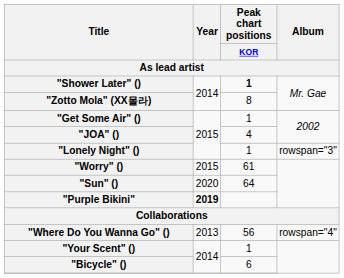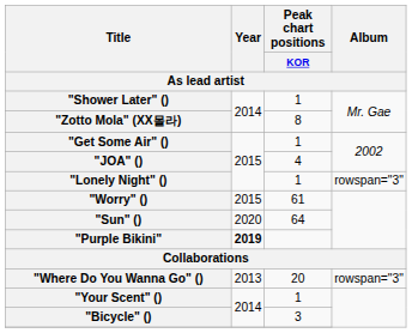 <table class="wikitable plainrowheaders" style="text-align:center;">
 <tr>
 <th scope="col" rowspan="2" style="width:18em;">Title</th>
 <th scope="col" rowspan="2">Year</th>
 <th scope="col" colspan="1" style="width:5em;">Peak chart positions</th>
 <th scope="col" rowspan="2">Album</th>
 </tr>
 <tr>
 <th><small><a href='#'>KOR</a></small><br></th>
 </tr>
 <tr>
 <th colspan="4">As lead artist</th>
 </tr>
 <tr>
 <th scope="row">"Shower Later" ()<br></th>
 <td rowspan="2">2014</td>
-<td><strong>1</strong></td>
+<td>1</td>
 <td rowspan="2"><em>Mr. Gae</em></td>
 </tr>
 <tr>
 <th scope="row">"Zotto Mola" (XX몰라)</th>
 <td>8</td>
 </tr>
 <tr>
 <th scope="row">"Get Some Air" ()<br></th>
 <td rowspan="3">2015</td>
 <td>1</td>
 <td rowspan="2"><em>2002</em></td>
 </tr>
 <tr>
 <th scope="row">"JOA" ()<br></th>
 <td>4</td>
 </tr>
 <tr>
 <th scope="row">"Lonely Night" ()<br></th>
 <td>1</td>
 <td>rowspan="3" </td>
 </tr>
 <tr>
 <th scope="row">"Worry" ()</th>
 <td>2015</td>
 <td>61</td>
 </tr>
 <tr>
 <th scope="row">"Sun" ()<br></th>
 <td>2020</td>
 <td>64</td>
 </tr>
 <tr>
 <th scope="row">"Purple Bikini"</th>
 <td><strong>2019</strong></td>
 <td></td>
 </tr>
 <tr>
 <th colspan="4">Collaborations</th>
 </tr>
 <tr>
 <th scope="row">"Where Do You Wanna Go" ()<br></th>
 <td>2013</td>
-<td>56</td>
-<td>rowspan="4" </td>
+<td>20</td>
+<td>rowspan="3" </td>
 </tr>
 <tr>
 <th scope="row">"Your Scent" ()<br></th>
 <td rowspan="2">2014</td>
 <td>1</td>
 </tr>
 <tr>
 <th scope="row">"Bicycle" ()<br></th>
-<td>6</td>
+<td>3</td>
 </tr>
 <tr>
 </tr>
 </table>
